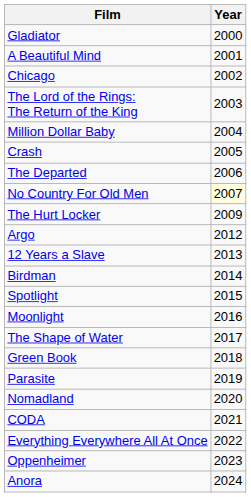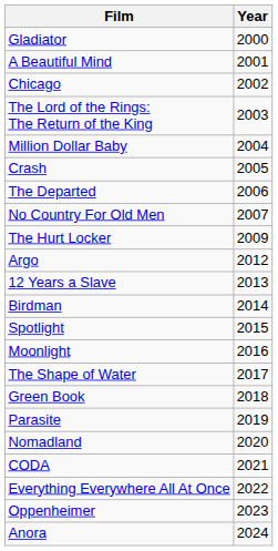 <table class="wikitable sortable">
 <tr>
 <th>Film</th>
 <th>Year</th>
 </tr>
 <tr>
 <td><a href='#'>Gladiator</a></td>
 <td>2000</td>
 </tr>
 <tr>
 <td><a href='#'>A Beautiful Mind</a></td>
 <td>2001</td>
 </tr>
 <tr>
 <td><a href='#'>Chicago</a></td>
 <td>2002</td>
 </tr>
 <tr>
 <td><a href='#'>The Lord of the Rings:</a><br><a href='#'>The Return of the King</a></td>
 <td>2003</td>
 </tr>
 <tr>
 <td><a href='#'>Million Dollar Baby</a></td>
 <td>2004</td>
 </tr>
 <tr>
 <td><a href='#'>Crash</a></td>
 <td>2005</td>
 </tr>
 <tr>
 <td><a href='#'>The Departed</a></td>
 <td>2006</td>
 </tr>
 <tr>
 <td><a href='#'>No Country For Old Men</a></td>
-<td style="background: lightyellow;">2007</td>
+<td>2007</td>
 </tr>
 <tr>
 <td><a href='#'>The Hurt Locker</a></td>
 <td>2009</td>
 </tr>
 <tr>
 <td><a href='#'>Argo</a></td>
 <td>2012</td>
 </tr>
 <tr>
 <td><a href='#'>12 Years a Slave</a></td>
 <td>2013</td>
 </tr>
 <tr>
 <td><a href='#'>Birdman</a></td>
 <td>2014</td>
 </tr>
 <tr>
 <td><a href='#'>Spotlight</a></td>
 <td>2015</td>
 </tr>
 <tr>
 <td><a href='#'>Moonlight</a></td>
 <td>2016</td>
 </tr>
 <tr>
 <td><a href='#'>The Shape of Water</a></td>
 <td>2017</td>
 </tr>
 <tr>
 <td><a href='#'>Green Book</a></td>
 <td>2018</td>
 </tr>
 <tr>
 <td><a href='#'>Parasite</a></td>
 <td>2019</td>
 </tr>
 <tr>
 <td><a href='#'>Nomadland</a></td>
 <td>2020</td>
 </tr>
 <tr>
 <td><a href='#'>CODA</a></td>
 <td>2021</td>
 </tr>
 <tr>
 <td><a href='#'>Everything Everywhere All At Once</a></td>
 <td>2022</td>
 </tr>
 <tr>
 <td><a href='#'>Oppenheimer</a></td>
 <td>2023</td>
 </tr>
 <tr>
 <td><a href='#'>Anora</a></td>
 <td>2024</td>
 </tr>
 </table>
